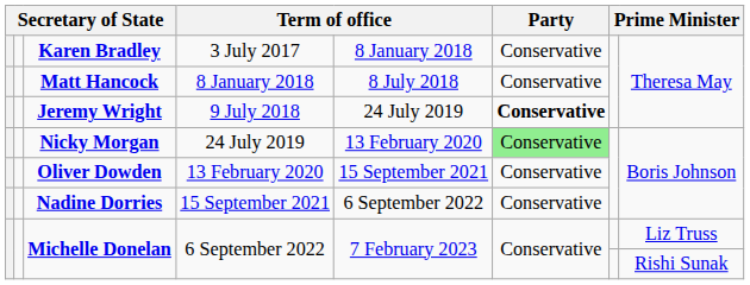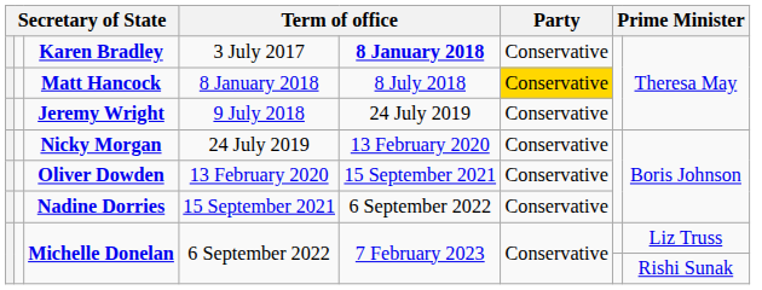 <table class="wikitable" style="text-align:center">
 <tr>
 <th colspan=3>Secretary of State</th>
 <th colspan=2>Term of office</th>
 <th>Party</th>
 <th colspan=2>Prime Minister</th>
 </tr>
 <tr style="height:1em">
 <th style="background-color:"></th>
 <td></td>
 <td><strong><a href='#'>Karen Bradley</a></strong><br></td>
 <td>3 July 2017</td>
-<td><a href='#'>8 January 2018</a></td>
+<td><strong><a href='#'>8 January 2018</a></strong></td>
 <td>Conservative</td>
 <td rowspan=3 style="background-color:"></td>
 <td rowspan=3><a href='#'>Theresa May</a></td>
 </tr>
 <tr style="height:1em">
 <th style="background-color:"></th>
 <td></td>
 <td><strong><a href='#'>Matt Hancock</a></strong><br></td>
 <td><a href='#'>8 January 2018</a></td>
 <td><a href='#'>8 July 2018</a></td>
-<td>Conservative</td>
+<td style="background: gold;">Conservative</td>
 </tr>
 <tr style="height:1em">
 <th style="background-color:"></th>
 <td></td>
 <td><strong><a href='#'>Jeremy Wright</a></strong><br></td>
 <td><a href='#'>9 July 2018</a></td>
 <td>24 July 2019</td>
-<td><strong>Conservative</strong></td>
+<td>Conservative</td>
 </tr>
 <tr style="height:1em">
 <th style="background-color:"></th>
 <td></td>
 <td><strong><a href='#'>Nicky Morgan</a></strong><br></td>
 <td>24 July 2019</td>
 <td><a href='#'>13 February 2020</a></td>
-<td style="background: lightgreen;">Conservative</td>
+<td>Conservative</td>
 <td rowspan=3 style="background-color:"></td>
 <td rowspan=3><a href='#'>Boris Johnson</a></td>
 </tr>
 <tr style="height:1em">
 <th style="background-color:"></th>
 <td></td>
 <td><strong><a href='#'>Oliver Dowden</a></strong><br></td>
 <td><a href='#'>13 February 2020</a></td>
 <td><a href='#'>15 September 2021</a></td>
 <td>Conservative</td>
 </tr>
 <tr style="height:1em">
 <th style="background-color:"></th>
 <td></td>
 <td><strong><a href='#'>Nadine Dorries</a></strong><br></td>
 <td><a href='#'>15 September 2021</a></td>
 <td>6 September 2022</td>
 <td>Conservative</td>
 </tr>
 <tr style="height:1em">
 <th rowspan=2 style="background-color:"></th>
 <td rowspan=2></td>
 <td rowspan=2><strong><a href='#'>Michelle Donelan</a></strong><br></td>
 <td rowspan=2>6 September 2022</td>
 <td rowspan=2><a href='#'>7 February 2023</a></td>
 <td rowspan=2>Conservative</td>
 <td style="background-color:"></td>
 <td><a href='#'>Liz Truss</a></td>
 </tr>
 <tr style="height:1em">
 <td style="background-color:"></td>
 <td><a href='#'>Rishi Sunak</a></td>
 </tr>
 </table>
